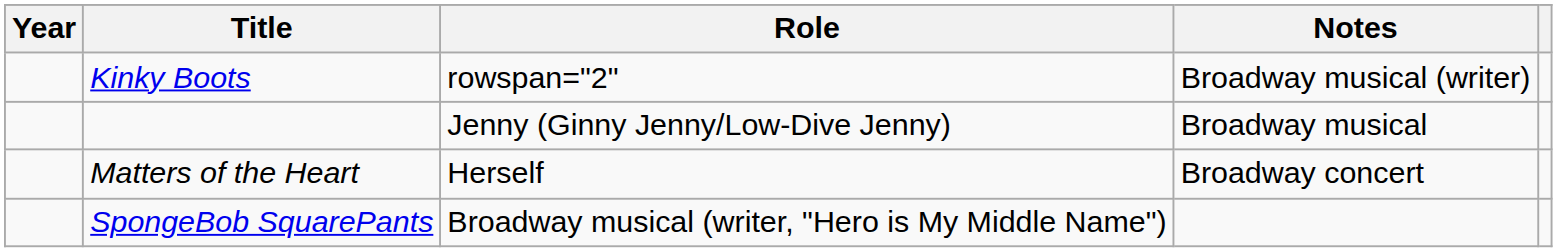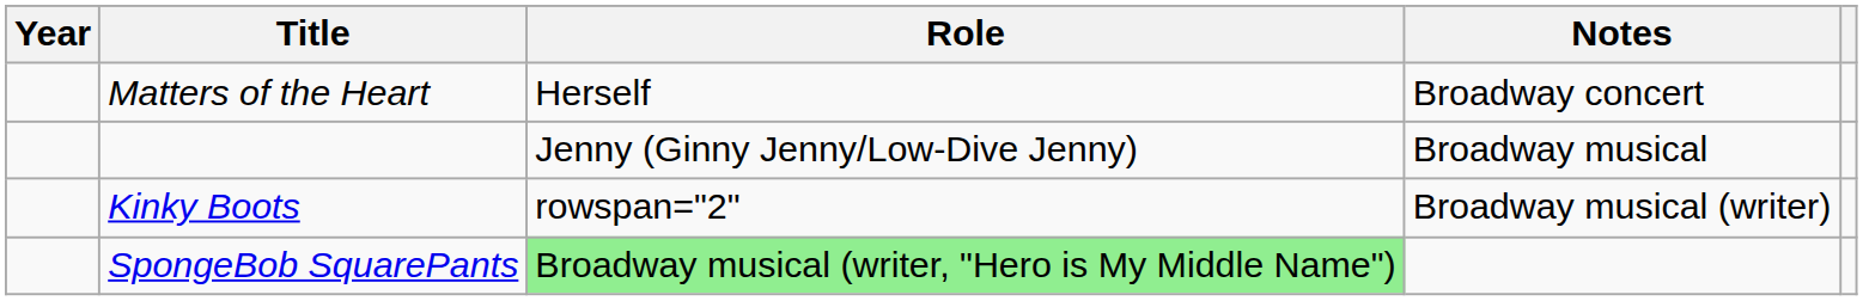 <table class="wikitable sortable">
 <tr>
 <th scope="col">Year</th>
 <th scope="col">Title</th>
 <th scope="col">Role</th>
 <th scope="col" class="unsortable">Notes</th>
 <th scope="col" class="unsortable"></th>
 </tr>
 <tr>
 <td></td>
-<td><em><a href='#'>Kinky Boots</a></em></td>
-<td>rowspan="2" </td>
-<td>Broadway musical (writer)</td>
+<td><em>Matters of the Heart</em></td>
+<td>Herself</td>
+<td>Broadway concert</td>
 <td></td>
 </tr>
 <tr>
 <td></td>
 <td><em></em></td>
 <td>Jenny (Ginny Jenny/Low-Dive Jenny)</td>
 <td>Broadway musical</td>
 <td></td>
 </tr>
 <tr>
 <td></td>
-<td><em>Matters of the Heart</em></td>
-<td>Herself</td>
-<td>Broadway concert</td>
+<td><em><a href='#'>Kinky Boots</a></em></td>
+<td>rowspan="2" </td>
+<td>Broadway musical (writer)</td>
 <td></td>
 </tr>
 <tr>
 <td></td>
 <td><em><a href='#'>SpongeBob SquarePants</a></em></td>
-<td>Broadway musical (writer, "Hero is My Middle Name")</td>
+<td style="background: lightgreen;">Broadway musical (writer, "Hero is My Middle Name")</td>
 <td><br></td>
 </tr>
 </table>
